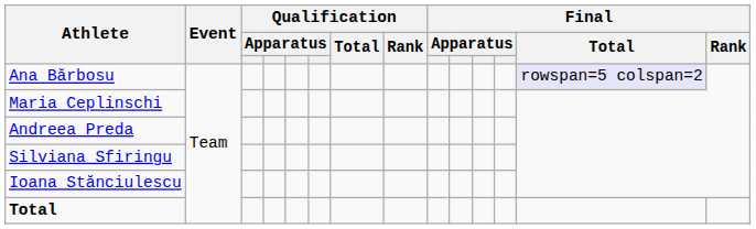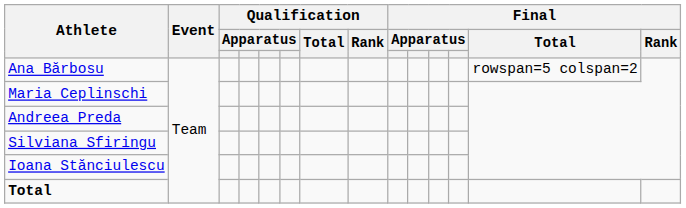 <table class="wikitable" style="font-size:90%">
 <tr>
 <th rowspan=3>Athlete</th>
 <th rowspan=3>Event</th>
 <th colspan=6>Qualification</th>
 <th colspan=6>Final</th>
 </tr>
 <tr style="font-size:95%">
 <th colspan=4>Apparatus</th>
 <th rowspan=2>Total</th>
 <th rowspan=2>Rank</th>
 <th colspan=4>Apparatus</th>
 <th rowspan=2>Total</th>
 <th rowspan=2>Rank</th>
 </tr>
 <tr style="font-size:95%">
 <th></th>
 <th></th>
 <th></th>
 <th></th>
 <th></th>
 <th></th>
 <th></th>
 <th></th>
 </tr>
 <tr align=center>
 <td align=left><a href='#'>Ana Bărbosu</a></td>
 <td align=left rowspan=6>Team</td>
 <td></td>
 <td></td>
 <td></td>
 <td></td>
 <td></td>
 <td></td>
 <td></td>
 <td></td>
 <td></td>
 <td></td>
-<td style="background: lavender;">rowspan=5 colspan=2</td>
+<td>rowspan=5 colspan=2</td>
 </tr>
 <tr align=center>
 <td align=left><a href='#'>Maria Ceplinschi</a></td>
 <td></td>
 <td></td>
 <td></td>
 <td></td>
 <td></td>
 <td></td>
 <td></td>
 <td></td>
 <td></td>
 <td></td>
 </tr>
 <tr align=center>
 <td align=left><a href='#'>Andreea Preda</a></td>
 <td></td>
 <td></td>
 <td></td>
 <td></td>
 <td></td>
 <td></td>
 <td></td>
 <td></td>
 <td></td>
 <td></td>
 </tr>
 <tr align=center>
 <td align=left><a href='#'>Silviana Sfiringu</a></td>
 <td></td>
 <td></td>
 <td></td>
 <td></td>
 <td></td>
 <td></td>
 <td></td>
 <td></td>
 <td></td>
 <td></td>
 </tr>
 <tr align=center>
 <td align=left><a href='#'>Ioana Stănciulescu</a></td>
 <td></td>
 <td></td>
 <td></td>
 <td></td>
 <td></td>
 <td></td>
 <td></td>
 <td></td>
 <td></td>
 <td></td>
 </tr>
 <tr align=center>
 <td align=left><strong>Total</strong></td>
 <td></td>
 <td></td>
 <td></td>
 <td></td>
 <td></td>
 <td></td>
 <td></td>
 <td></td>
 <td></td>
 <td></td>
 <td></td>
 <td></td>
 </tr>
 </table>
